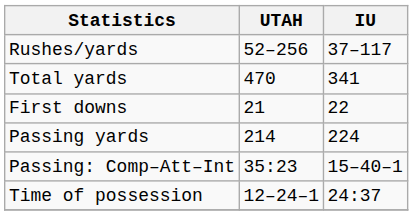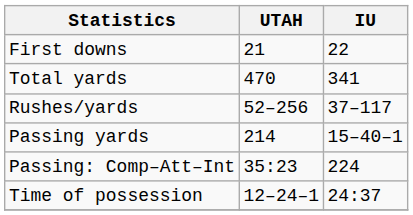 <table class="wikitable" style="float: left;">
 <tr>
 <th>Statistics</th>
 <th>UTAH</th>
 <th>IU</th>
 </tr>
 <tr>
-<td>Rushes/yards</td>
-<td>52–256</td>
-<td>37–117</td>
+<td>First downs</td>
+<td>21</td>
+<td>22</td>
 </tr>
 <tr>
 <td>Total yards</td>
 <td>470</td>
 <td>341</td>
 </tr>
 <tr>
-<td>First downs</td>
-<td>21</td>
-<td>22</td>
+<td>Rushes/yards</td>
+<td>52–256</td>
+<td>37–117</td>
 </tr>
 <tr>
 <td>Passing yards</td>
 <td>214</td>
-<td>224</td>
+<td>15–40–1</td>
 </tr>
 <tr>
 <td>Passing: Comp–Att–Int</td>
 <td>35:23</td>
-<td>15–40–1</td>
+<td>224</td>
 </tr>
 <tr>
 <td>Time of possession</td>
 <td>12–24–1</td>
 <td>24:37</td>
 </tr>
 <tr>
 </tr>
 </table>
